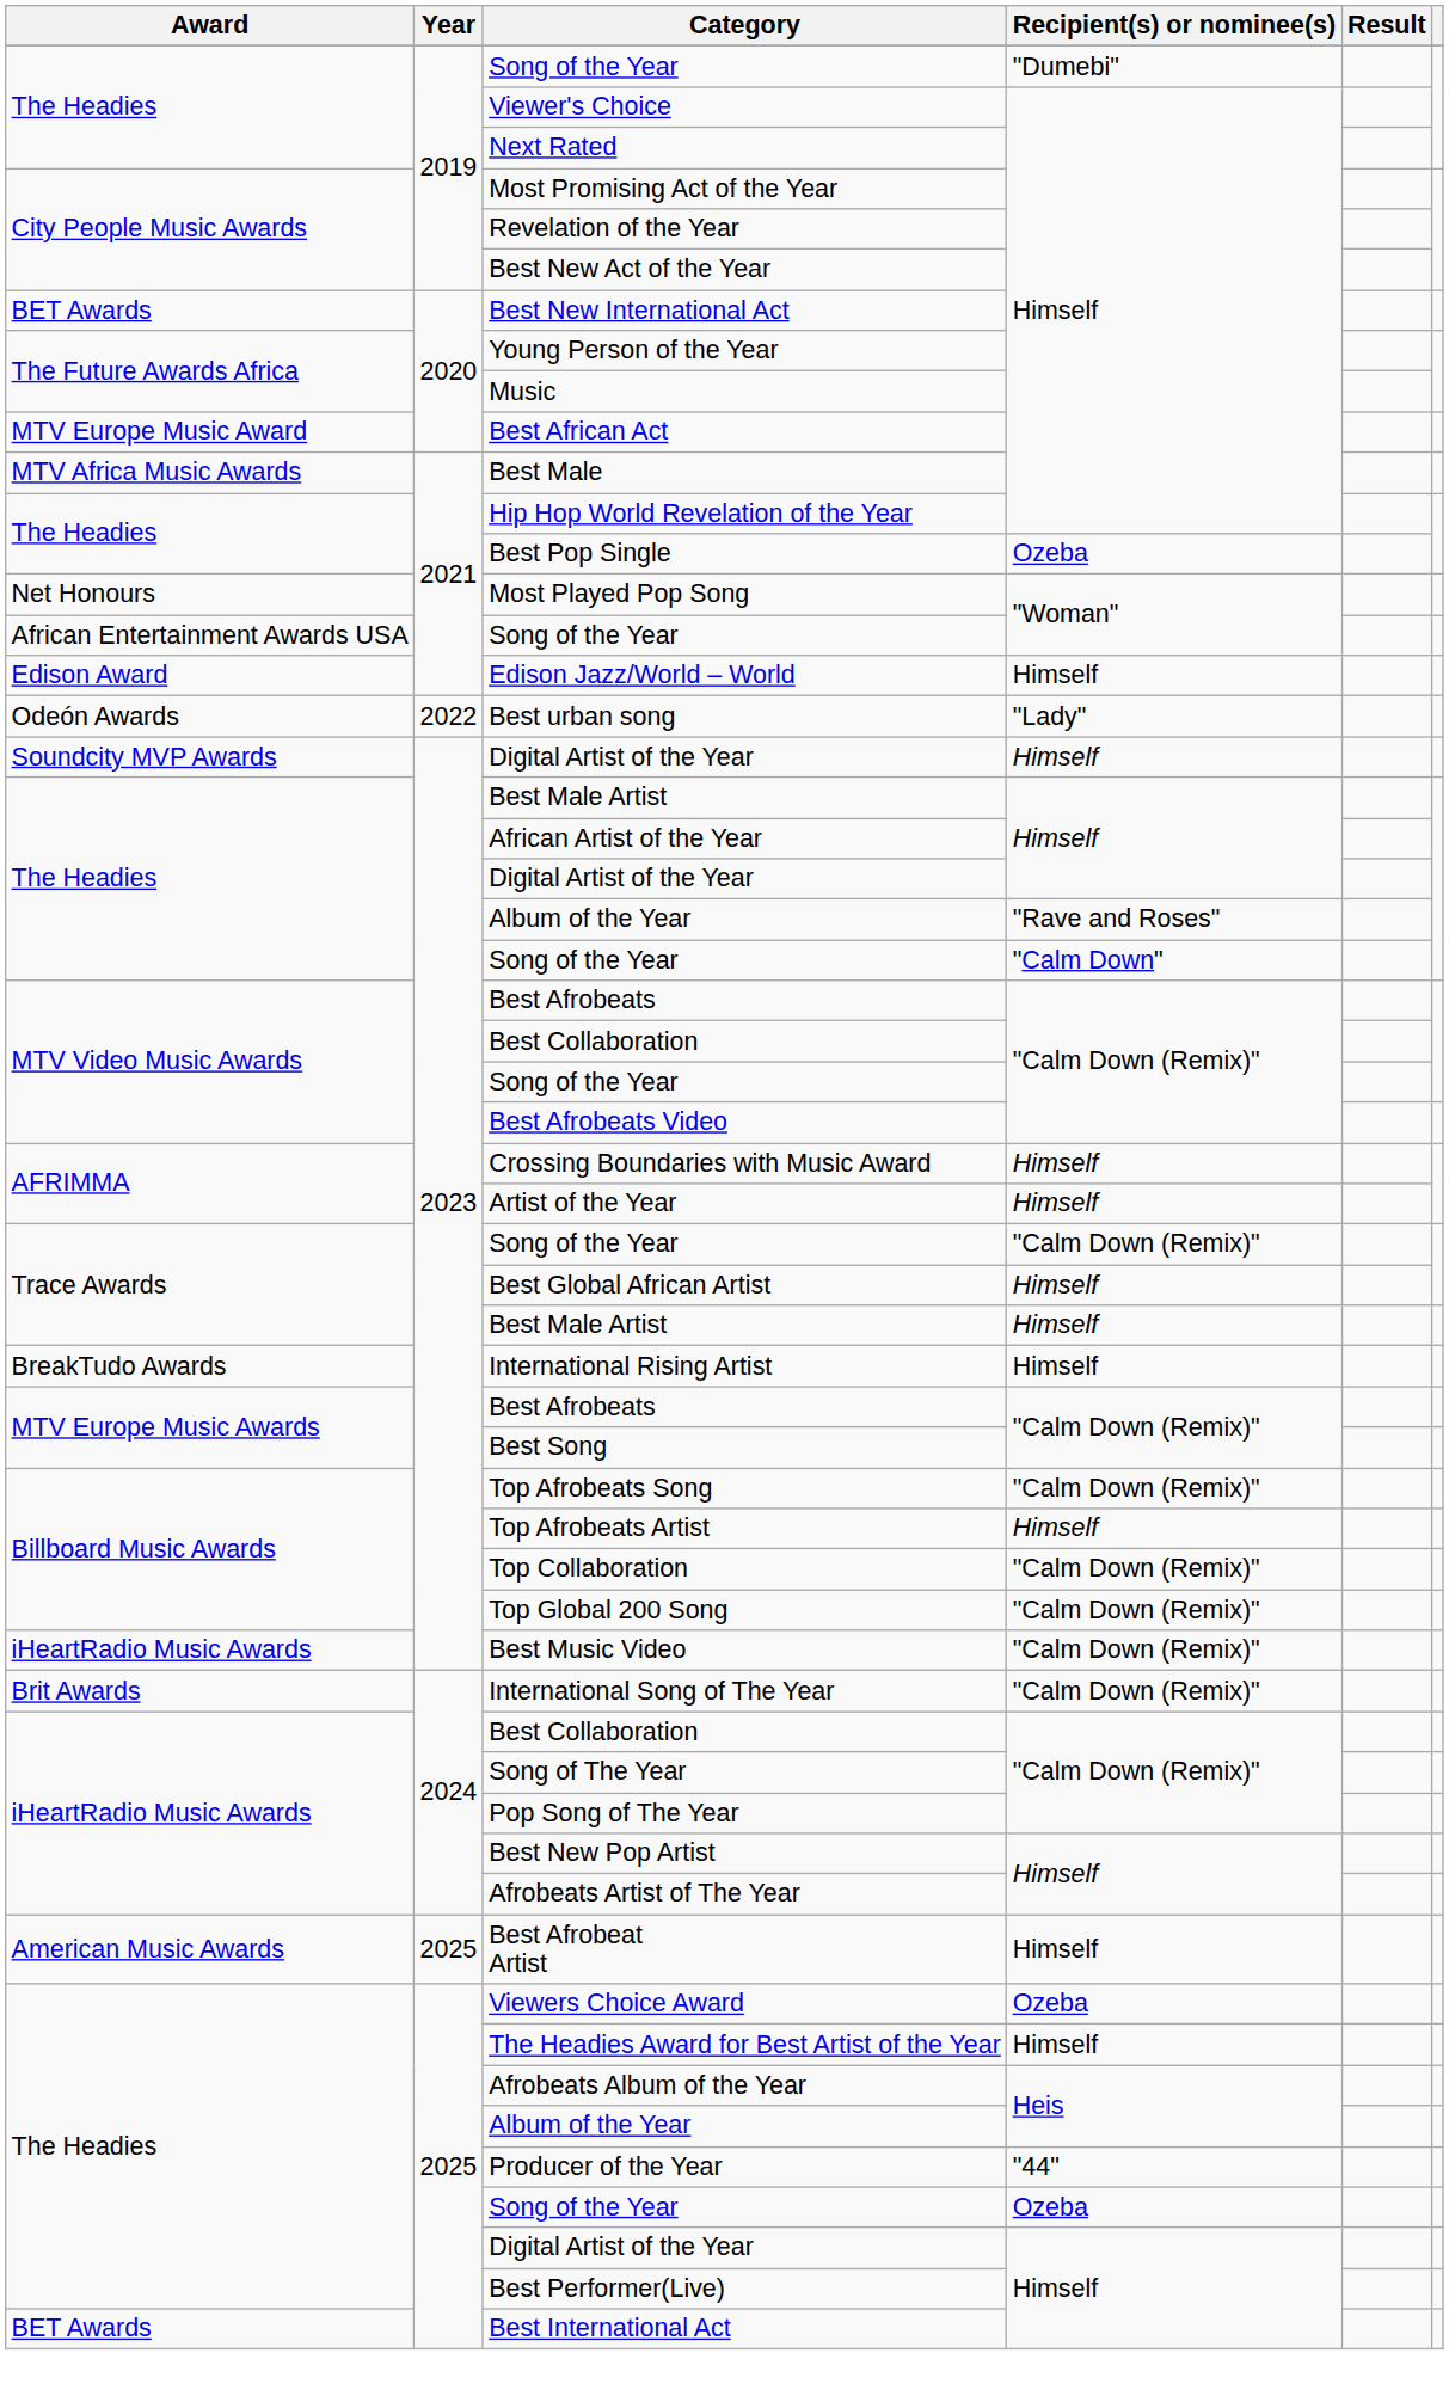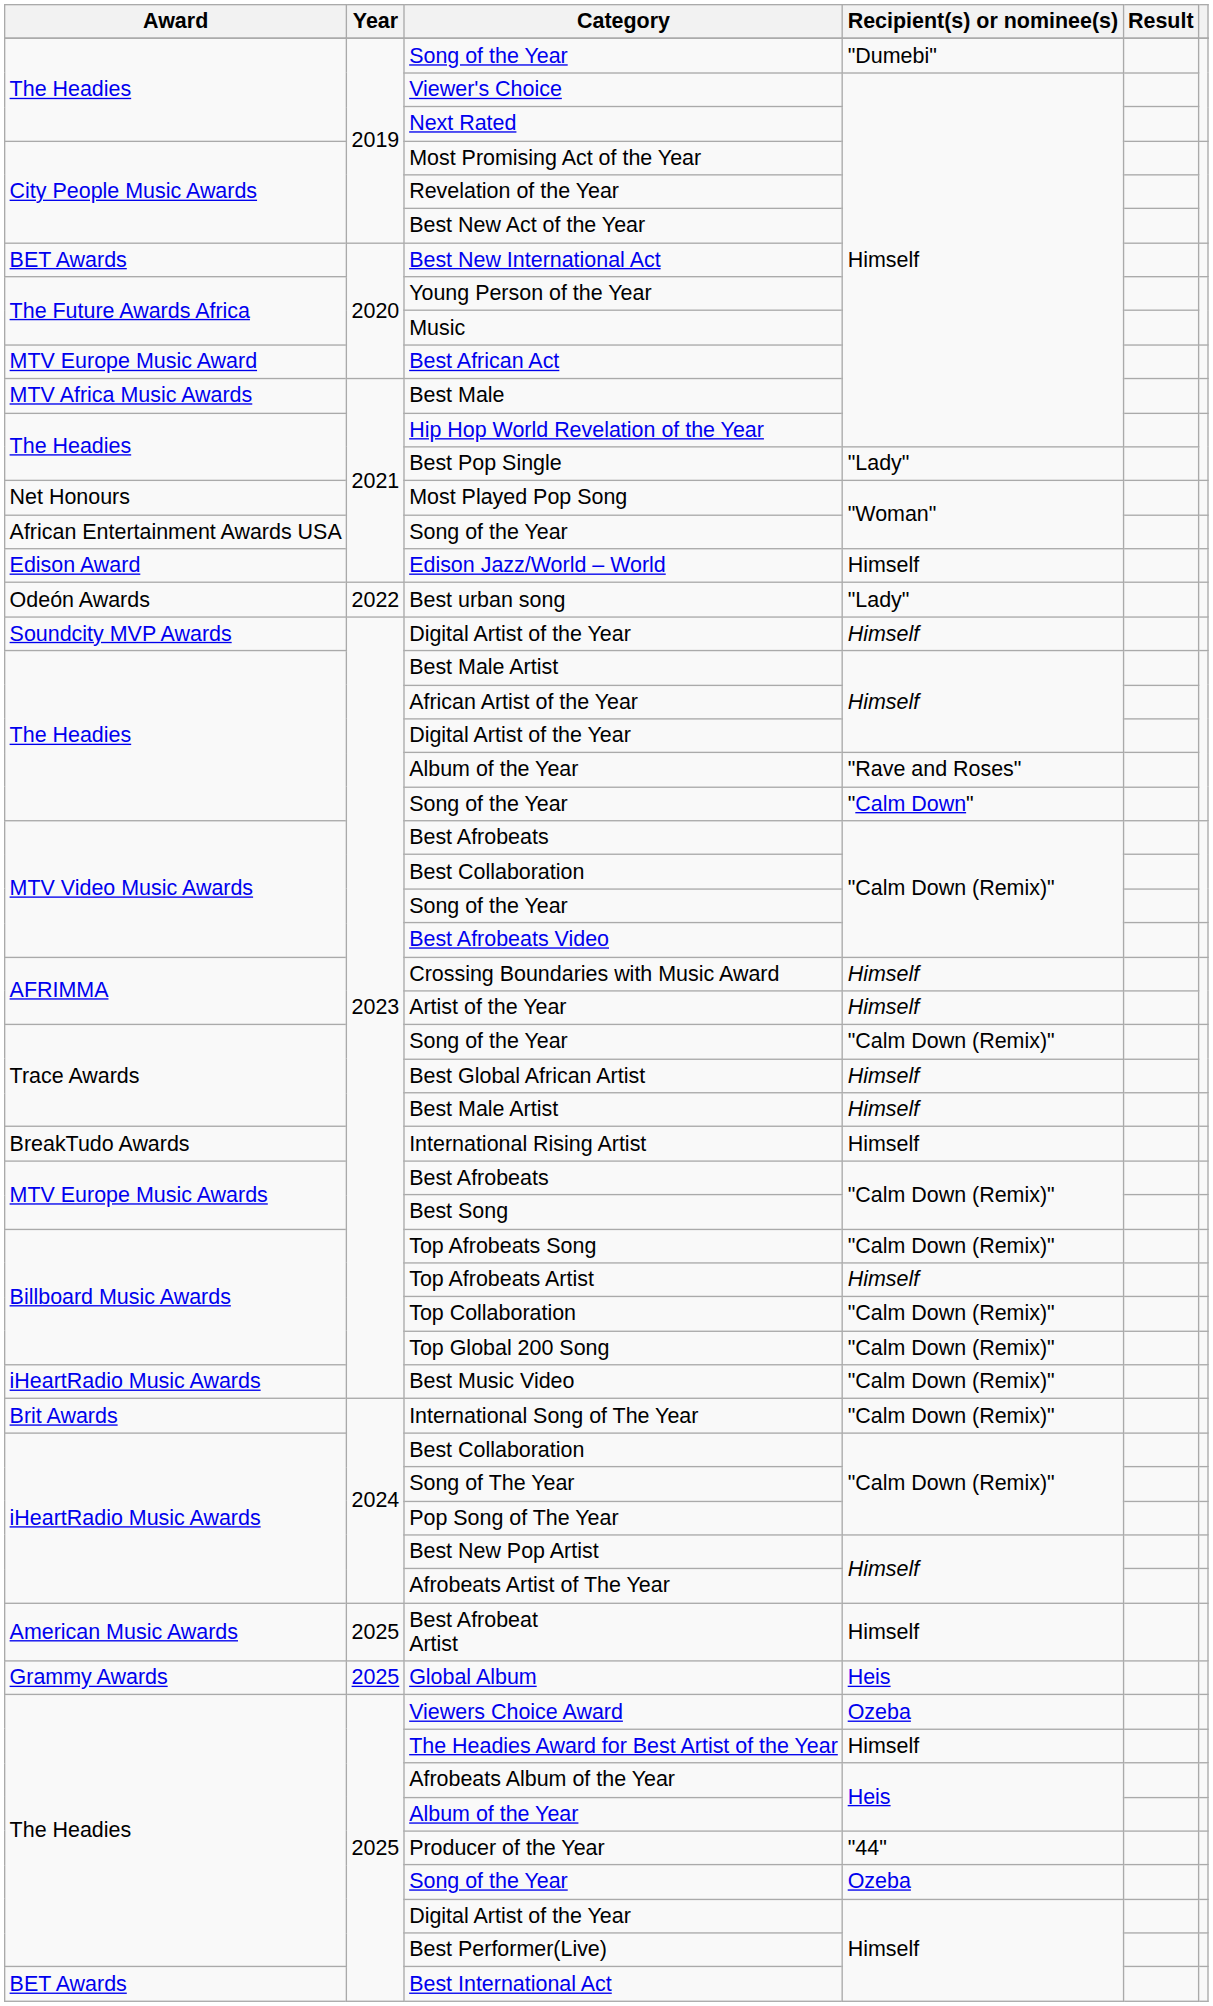 <table class="wikitable sortable plainrowheaders">
 <tr>
 <th scope="col">Award</th>
 <th scope="col">Year</th>
 <th scope="col">Category</th>
 <th scope="col">Recipient(s) or nominee(s)</th>
 <th scope="col">Result</th>
 <th scope="col" class="unsortable"></th>
 </tr>
 <tr>
 </tr>
 <tr>
 <td rowspan="3"><a href='#'>The Headies</a></td>
 <td rowspan="6">2019</td>
 <td><a href='#'>Song of the Year</a></td>
 <td>"Dumebi"</td>
 <td></td>
 <td rowspan="3"></td>
 </tr>
 <tr>
 <td><a href='#'>Viewer's Choice</a></td>
 <td rowspan="11">Himself</td>
 <td></td>
 </tr>
 <tr>
 <td><a href='#'>Next Rated</a></td>
 <td></td>
 </tr>
 <tr>
 <td rowspan="3"><a href='#'>City People Music Awards</a></td>
 <td>Most Promising Act of the Year</td>
 <td></td>
 <td rowspan="3"></td>
 </tr>
 <tr>
 <td>Revelation of the Year</td>
 <td></td>
 </tr>
 <tr>
 <td>Best New Act of the Year</td>
 <td></td>
 </tr>
 <tr>
 <td><a href='#'>BET Awards</a></td>
 <td rowspan="4">2020</td>
 <td><a href='#'>Best New International Act</a></td>
 <td></td>
 <td></td>
 </tr>
 <tr>
 <td rowspan="2"><a href='#'>The Future Awards Africa</a></td>
 <td>Young Person of the Year</td>
 <td></td>
 <td rowspan="2"></td>
 </tr>
 <tr>
 <td>Music</td>
 <td></td>
 </tr>
 <tr>
 <td><a href='#'>MTV Europe Music Award</a></td>
 <td><a href='#'>Best African Act</a></td>
 <td></td>
 <td></td>
 </tr>
 <tr>
 <td><a href='#'>MTV Africa Music Awards</a></td>
 <td rowspan="6">2021</td>
 <td>Best Male</td>
 <td></td>
 <td></td>
 </tr>
 <tr>
 <td rowspan="2"><a href='#'>The Headies</a></td>
 <td><a href='#'>Hip Hop World Revelation of the Year</a></td>
 <td></td>
 <td rowspan="2"></td>
 </tr>
 <tr>
 <td>Best Pop Single</td>
-<td><a href='#'>Ozeba</a></td>
+<td>"Lady"</td>
 <td></td>
 </tr>
 <tr>
 <td>Net Honours</td>
 <td>Most Played Pop Song</td>
 <td rowspan="2">"Woman"</td>
 <td></td>
 <td></td>
 </tr>
 <tr>
 <td>African Entertainment Awards USA</td>
 <td>Song of the Year</td>
 <td></td>
 <td></td>
 </tr>
 <tr>
 <td><a href='#'>Edison Award</a></td>
 <td><a href='#'>Edison Jazz/World – World</a></td>
 <td>Himself</td>
 <td></td>
 <td></td>
 </tr>
 <tr>
 <td>Odeón Awards </td>
 <td>2022</td>
 <td>Best urban song</td>
 <td>"Lady"</td>
 <td></td>
 <td></td>
 </tr>
 <tr>
 <td><a href='#'>Soundcity MVP Awards</a></td>
 <td rowspan="23">2023</td>
 <td>Digital Artist of the Year</td>
 <td><em>Himself</em></td>
 <td></td>
 <td></td>
 </tr>
 <tr>
 <td rowspan="5"><a href='#'>The Headies</a></td>
 <td>Best Male Artist</td>
 <td rowspan="3"><em>Himself</em></td>
 <td></td>
 <td rowspan="5"></td>
 </tr>
 <tr>
 <td>African Artist of the Year</td>
 <td></td>
 </tr>
 <tr>
 <td>Digital Artist of the Year</td>
 <td></td>
 </tr>
 <tr>
 <td>Album of the Year</td>
 <td>"Rave and Roses"</td>
 <td></td>
 </tr>
 <tr>
 <td>Song of the Year</td>
 <td>"<a href='#'>Calm Down</a>"</td>
 <td></td>
 </tr>
 <tr>
 <td rowspan="4"><a href='#'>MTV Video Music Awards</a></td>
 <td>Best Afrobeats</td>
 <td rowspan="4">"Calm Down (Remix)" <br></td>
 <td></td>
 <td rowspan="3"></td>
 </tr>
 <tr>
 <td>Best Collaboration</td>
 <td></td>
 </tr>
 <tr>
 <td>Song of the Year</td>
 <td></td>
 </tr>
 <tr>
 <td><a href='#'>Best Afrobeats Video</a></td>
 <td></td>
 <td></td>
 </tr>
 <tr>
 <td rowspan="2"><a href='#'>AFRIMMA</a></td>
 <td>Crossing Boundaries with Music Award</td>
 <td><em>Himself</em></td>
 <td></td>
 <td rowspan="2"></td>
 </tr>
 <tr>
 <td>Artist of the Year</td>
 <td><em>Himself</em></td>
 <td></td>
 </tr>
 <tr>
 <td rowspan="3">Trace Awards</td>
 <td>Song of the Year</td>
 <td>"Calm Down (Remix)" <br></td>
 <td></td>
 <td rowspan="2"></td>
 </tr>
 <tr>
 <td>Best Global African Artist</td>
 <td><em>Himself</em></td>
 <td></td>
 </tr>
 <tr>
 <td>Best Male Artist</td>
 <td><em>Himself</em></td>
 <td></td>
 <td></td>
 </tr>
 <tr>
 <td>BreakTudo Awards</td>
 <td>International Rising Artist</td>
 <td>Himself</td>
 <td></td>
 <td></td>
 </tr>
 <tr>
 <td rowspan="2"><a href='#'>MTV Europe Music Awards</a></td>
 <td>Best Afrobeats</td>
 <td rowspan="2">"Calm Down (Remix)" <br></td>
 <td></td>
 <td></td>
 </tr>
 <tr>
 <td>Best Song</td>
 <td></td>
 <td></td>
 </tr>
 <tr>
 <td rowspan="4"><a href='#'>Billboard Music Awards</a></td>
 <td>Top Afrobeats Song</td>
 <td>"Calm Down (Remix)"<br></td>
 <td></td>
 <td></td>
 </tr>
 <tr>
 <td>Top Afrobeats Artist</td>
 <td><em>Himself</em></td>
 <td></td>
 <td></td>
 </tr>
 <tr>
 <td>Top Collaboration</td>
 <td>"Calm Down (Remix)" <br></td>
 <td></td>
 <td></td>
 </tr>
 <tr>
 <td>Top Global 200 Song</td>
 <td>"Calm Down (Remix)"<br></td>
 <td></td>
 <td></td>
 </tr>
 <tr>
 <td><a href='#'>iHeartRadio Music Awards</a></td>
 <td>Best Music Video</td>
 <td>"Calm Down (Remix)"<br></td>
 <td></td>
 <td></td>
 </tr>
 <tr>
 <td><a href='#'>Brit Awards</a></td>
 <td rowspan="6">2024</td>
 <td>International Song of The Year</td>
 <td>"Calm Down (Remix)"<br></td>
 <td></td>
 <td></td>
 </tr>
 <tr>
 <td rowspan="5"><a href='#'>iHeartRadio Music Awards</a></td>
 <td>Best Collaboration</td>
 <td rowspan="3">"Calm Down (Remix)"<br></td>
 <td></td>
 <td></td>
 </tr>
 <tr>
 <td>Song of The Year</td>
 <td></td>
 <td></td>
 </tr>
 <tr>
 <td>Pop Song of The Year</td>
 <td></td>
 <td></td>
 </tr>
 <tr>
 <td>Best New Pop Artist</td>
 <td rowspan="2"><em>Himself</em></td>
 <td></td>
 <td></td>
 </tr>
 <tr>
 <td>Afrobeats Artist of The Year</td>
 <td></td>
 <td></td>
 </tr>
 <tr>
 <td><a href='#'>American Music Awards</a></td>
 <td>2025</td>
 <td>Best Afrobeat<br>Artist</td>
 <td>Himself</td>
 <td></td>
 <td></td>
 </tr>
 <tr>
+<td><a href='#'>Grammy Awards</a></td>
+<td><a href='#'>2025</a></td>
+<td><a href='#'>Global Album</a></td>
+<td><a href='#'>Heis</a></td>
+<td></td>
+<td></td>
+</tr>
+<tr>
 <td rowspan="8">The Headies</td>
 <td rowspan="9">2025</td>
 <td><a href='#'>Viewers Choice Award</a></td>
 <td><a href='#'>Ozeba</a></td>
 <td></td>
 <td></td>
 </tr>
 <tr>
 <td><a href='#'>The Headies Award for Best Artist of the Year</a></td>
 <td>Himself</td>
 <td></td>
 <td></td>
 </tr>
 <tr>
 <td>Afrobeats Album of the Year</td>
 <td rowspan="2"><a href='#'>Heis</a></td>
 <td></td>
 <td></td>
 </tr>
 <tr>
 <td><a href='#'>Album of the Year</a></td>
 <td></td>
 <td></td>
 </tr>
 <tr>
 <td>Producer of the Year</td>
 <td>"44"<br></td>
 <td></td>
 <td></td>
 </tr>
 <tr>
 <td><a href='#'>Song of the Year</a></td>
 <td><a href='#'>Ozeba</a></td>
 <td></td>
 <td></td>
 </tr>
 <tr>
 <td>Digital Artist of the Year</td>
 <td rowspan="3">Himself</td>
 <td></td>
 <td></td>
 </tr>
 <tr>
 <td>Best Performer(Live)</td>
 <td></td>
 <td></td>
 </tr>
 <tr>
 <td><a href='#'>BET Awards</a></td>
 <td><a href='#'>Best International Act</a></td>
 <td></td>
 <td></td>
 </tr>
 </table>
